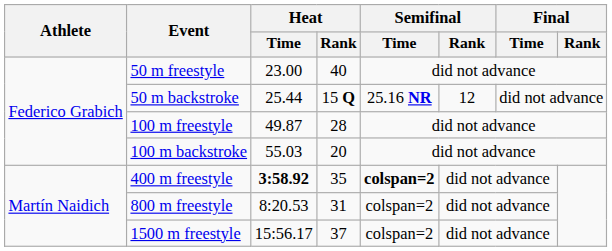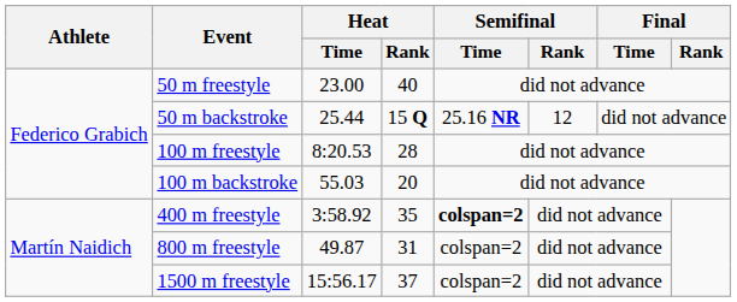 <table class=wikitable style=font-size:90%>
 <tr>
 <th rowspan=2>Athlete</th>
 <th rowspan=2>Event</th>
 <th colspan=2>Heat</th>
 <th colspan=2>Semifinal</th>
 <th colspan=2>Final</th>
 </tr>
 <tr style=font-size:95%>
 <th>Time</th>
 <th>Rank</th>
 <th>Time</th>
 <th>Rank</th>
 <th>Time</th>
 <th>Rank</th>
 </tr>
 <tr align=center>
 <td align=left rowspan=4><a href='#'>Federico Grabich</a></td>
 <td align=left><a href='#'>50 m freestyle</a></td>
 <td>23.00</td>
 <td>40</td>
 <td colspan=4>did not advance</td>
 </tr>
 <tr align=center>
 <td align=left><a href='#'>50 m backstroke</a></td>
 <td>25.44</td>
 <td>15 <strong>Q</strong></td>
 <td>25.16 <strong><a href='#'>NR</a></strong></td>
 <td>12</td>
 <td colspan=2>did not advance</td>
 </tr>
 <tr align=center>
 <td align=left><a href='#'>100 m freestyle</a></td>
-<td>49.87</td>
+<td>8:20.53</td>
 <td>28</td>
 <td colspan=4>did not advance</td>
 </tr>
 <tr align=center>
 <td align=left><a href='#'>100 m backstroke</a></td>
 <td>55.03</td>
 <td>20</td>
 <td colspan=4>did not advance</td>
 </tr>
 <tr align=center>
 <td align=left rowspan=3><a href='#'>Martín Naidich</a></td>
 <td align=left><a href='#'>400 m freestyle</a></td>
-<td><strong>3:58.92</strong></td>
+<td>3:58.92</td>
 <td>35</td>
 <td><strong>colspan=2 </strong></td>
 <td colspan=2>did not advance</td>
 </tr>
 <tr align=center>
 <td align=left><a href='#'>800 m freestyle</a></td>
-<td>8:20.53</td>
+<td>49.87</td>
 <td>31</td>
 <td>colspan=2 </td>
 <td colspan=2>did not advance</td>
 </tr>
 <tr align=center>
 <td align=left><a href='#'>1500 m freestyle</a></td>
 <td>15:56.17</td>
 <td>37</td>
 <td>colspan=2 </td>
 <td colspan=2>did not advance</td>
 </tr>
 </table>
